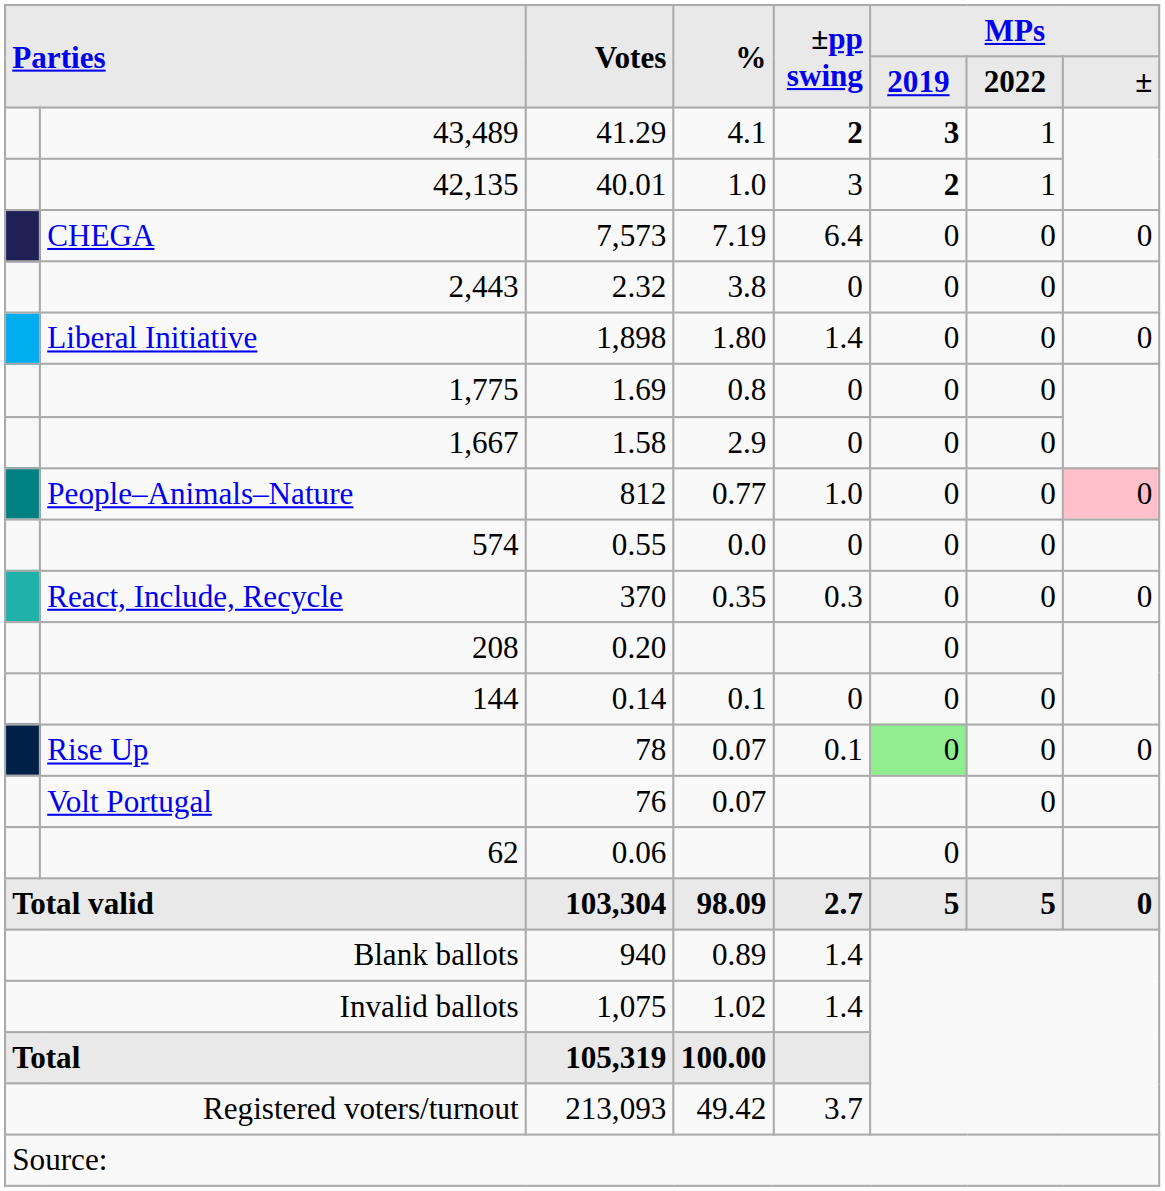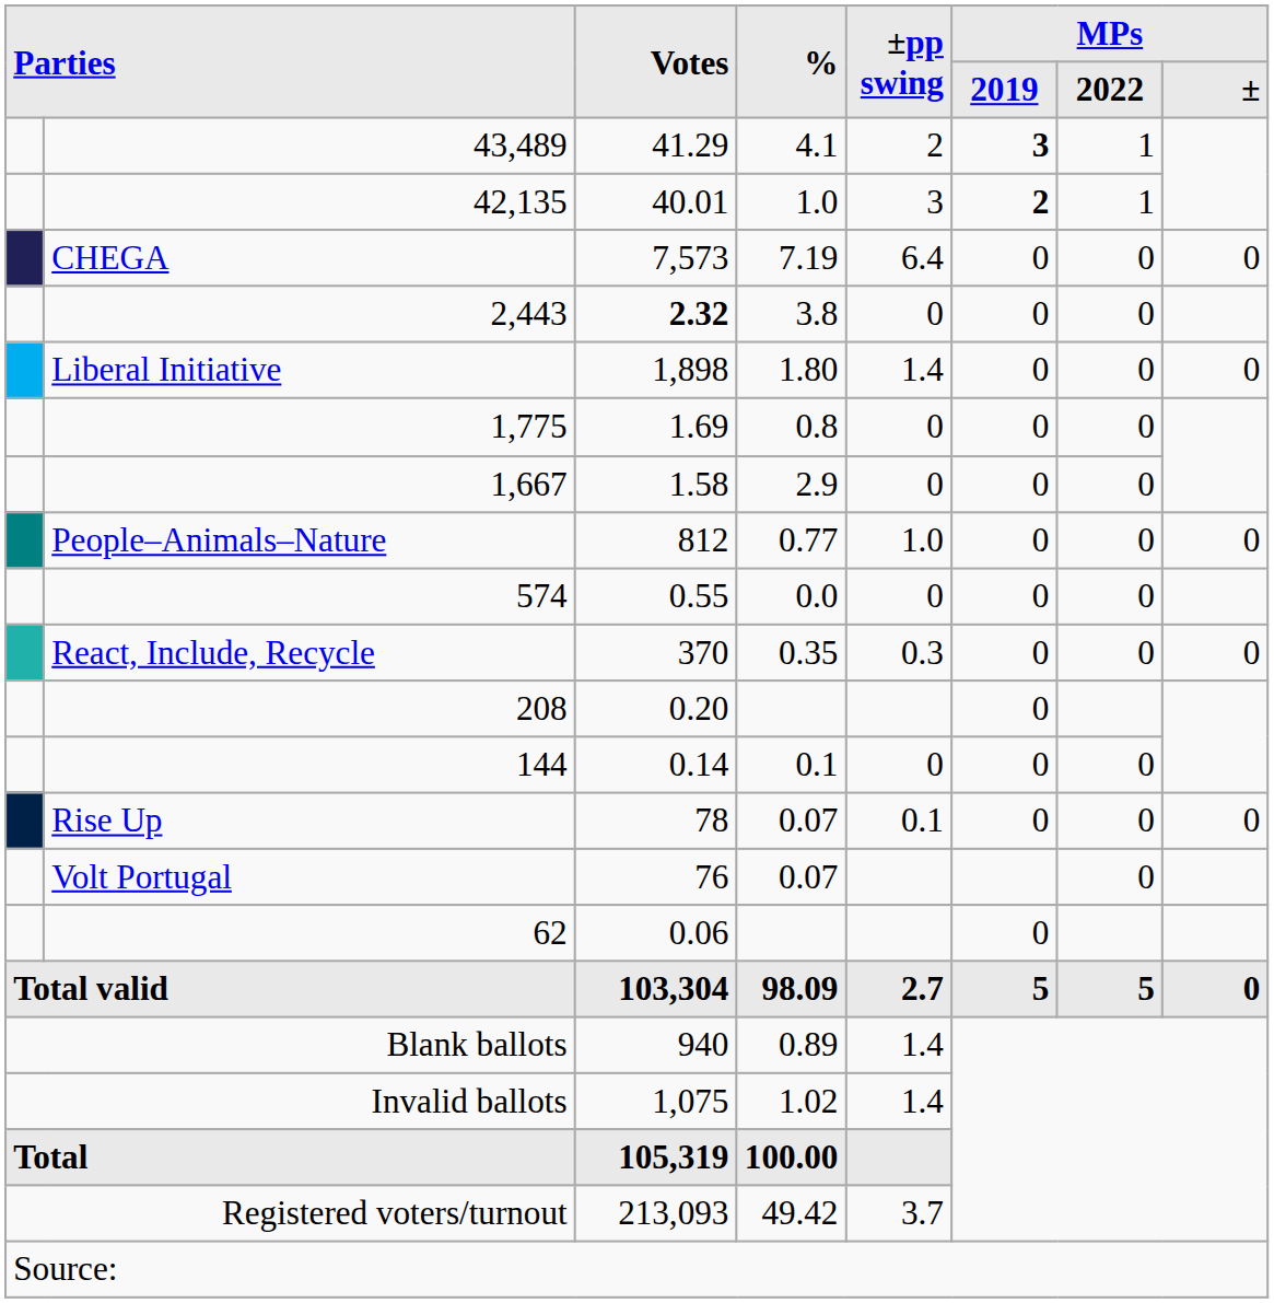 <table class="wikitable" style="text-align:right; font-size:95%;">
 <tr>
 <th rowspan="2" colspan="2" style="background:#e9e9e9; text-align:left;" alignleft><a href='#'>Parties</a></th>
 <th rowspan="2" style="background:#e9e9e9; text-align:right;">Votes</th>
 <th rowspan="2" style="background:#e9e9e9; text-align:right;">%</th>
 <th rowspan="2" style="background:#e9e9e9; text-align:right;">±<a href='#'>pp</a> <a href='#'>swing</a></th>
 <th colspan="3" style="background:#e9e9e9; text-align:center;"><a href='#'>MPs</a></th>
 </tr>
 <tr style="background-color:#E9E9E9">
 <th style="background-color:#E9E9E9;text-align:center;"><a href='#'>2019</a></th>
 <th style="background-color:#E9E9E9;text-align:center;">2022</th>
 <th style="background:#e9e9e9; text-align:right;">±</th>
 </tr>
 <tr>
 <td></td>
 <td>43,489</td>
 <td>41.29</td>
 <td>4.1</td>
-<td><strong>2</strong></td>
+<td>2</td>
 <td><strong>3</strong></td>
 <td>1</td>
 </tr>
 <tr>
 <td></td>
 <td>42,135</td>
 <td>40.01</td>
 <td>1.0</td>
 <td>3</td>
 <td><strong>2</strong></td>
 <td>1</td>
 </tr>
 <tr>
 <td style="width: 10px" bgcolor="#202056" align="center"></td>
 <td align="left"><a href='#'>CHEGA</a></td>
 <td>7,573</td>
 <td>7.19</td>
 <td>6.4</td>
 <td>0</td>
 <td>0</td>
 <td>0</td>
 </tr>
 <tr>
 <td></td>
 <td>2,443</td>
-<td>2.32</td>
+<td><strong>2.32</strong></td>
 <td>3.8</td>
 <td>0</td>
 <td>0</td>
 <td>0</td>
 </tr>
 <tr>
 <td style="width: 10px" bgcolor="#00ADEF" align="center"></td>
 <td align="left"><a href='#'>Liberal Initiative</a></td>
 <td>1,898</td>
 <td>1.80</td>
 <td>1.4</td>
 <td>0</td>
 <td>0</td>
 <td>0</td>
 </tr>
 <tr>
 <td></td>
 <td>1,775</td>
 <td>1.69</td>
 <td>0.8</td>
 <td>0</td>
 <td>0</td>
 <td>0</td>
 </tr>
 <tr>
 <td></td>
 <td>1,667</td>
 <td>1.58</td>
 <td>2.9</td>
 <td>0</td>
 <td>0</td>
 <td>0</td>
 </tr>
 <tr>
 <td style="width: 10px" bgcolor="teal" align="center"></td>
 <td align="left"><a href='#'>People–Animals–Nature</a></td>
 <td>812</td>
 <td>0.77</td>
 <td>1.0</td>
 <td>0</td>
 <td>0</td>
-<td style="background: pink;">0</td>
+<td>0</td>
 </tr>
 <tr>
 <td></td>
 <td>574</td>
 <td>0.55</td>
 <td>0.0</td>
 <td>0</td>
 <td>0</td>
 <td>0</td>
 </tr>
 <tr>
 <td style="width: 10px" bgcolor="LightSeaGreen" align="center"></td>
 <td align="left"><a href='#'>React, Include, Recycle</a></td>
 <td>370</td>
 <td>0.35</td>
 <td>0.3</td>
 <td>0</td>
 <td>0</td>
 <td>0</td>
 </tr>
 <tr>
 <td></td>
 <td>208</td>
 <td>0.20</td>
 <td></td>
 <td></td>
 <td>0</td>
 <td></td>
 </tr>
 <tr>
 <td></td>
 <td>144</td>
 <td>0.14</td>
 <td>0.1</td>
 <td>0</td>
 <td>0</td>
 <td>0</td>
 </tr>
 <tr>
 <td style="width: 10px" bgcolor="#002147" align="center"></td>
 <td align="left"><a href='#'>Rise Up</a></td>
 <td>78</td>
 <td>0.07</td>
 <td>0.1</td>
-<td style="background: lightgreen;">0</td>
+<td>0</td>
 <td>0</td>
 <td>0</td>
 </tr>
 <tr>
 <td style="width: 10px"></td>
 <td align="left"><a href='#'>Volt Portugal</a></td>
 <td>76</td>
 <td>0.07</td>
 <td></td>
 <td></td>
 <td>0</td>
 <td></td>
 </tr>
 <tr>
 <td></td>
 <td>62</td>
 <td>0.06</td>
 <td></td>
 <td></td>
 <td>0</td>
 <td></td>
 </tr>
 <tr>
 <td colspan=2 width="247" align=left style="background-color:#E9E9E9"><strong>Total valid</strong></td>
 <td width="65" align="right" style="background-color:#E9E9E9"><strong>103,304</strong></td>
 <td width="40" align="right" style="background-color:#E9E9E9"><strong>98.09</strong></td>
 <td width="40" align="right" style="background-color:#E9E9E9"><strong>2.7</strong></td>
 <td width="40" align="right" style="background-color:#E9E9E9"><strong>5</strong></td>
 <td width="40" align="right" style="background-color:#E9E9E9"><strong>5</strong></td>
 <td width="40" align="right" style="background-color:#E9E9E9"><strong>0</strong></td>
 </tr>
 <tr>
 <td colspan=2>Blank ballots</td>
 <td>940</td>
 <td>0.89</td>
 <td>1.4</td>
 <td colspan=4 rowspan=4></td>
 </tr>
 <tr>
 <td colspan=2>Invalid ballots</td>
 <td>1,075</td>
 <td>1.02</td>
 <td>1.4</td>
 </tr>
 <tr>
 <td colspan=2 align=left style="background-color:#E9E9E9"><strong>Total</strong></td>
 <td width="50" align="right" style="background-color:#E9E9E9"><strong>105,319</strong></td>
 <td width="40" align="right" style="background-color:#E9E9E9"><strong>100.00</strong></td>
 <td width="40" align="right" style="background-color:#E9E9E9"></td>
 </tr>
 <tr>
 <td colspan=2>Registered voters/turnout</td>
 <td>213,093</td>
 <td>49.42</td>
 <td>3.7</td>
 </tr>
 <tr>
 <td colspan=11 align=left>Source: </td>
 </tr>
 </table>
